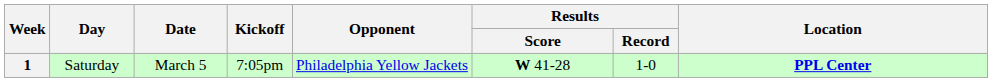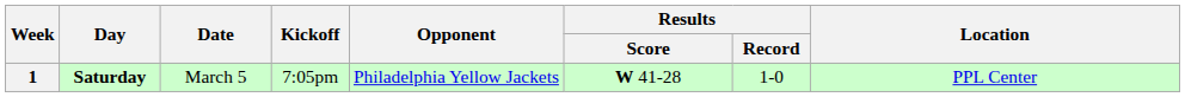 <table class="wikitable">
 <tr>
 <th rowspan="2" width="40">Week</th>
 <th rowspan="2" width="80">Day</th>
 <th rowspan="2" width="90">Date</th>
 <th rowspan="2" width="60">Kickoff</th>
 <th rowspan="2" width="180">Opponent</th>
 <th colspan="2" width="200">Results</th>
 <th rowspan="2" width="315">Location</th>
 </tr>
 <tr>
 <th width="140">Score</th>
 <th width="60">Record</th>
 </tr>
 <tr align="center" bgcolor="#CCFFCC">
 <th>1</th>
-<td>Saturday</td>
+<td><strong>Saturday</strong></td>
 <td>March 5</td>
 <td>7:05pm</td>
 <td><a href='#'>Philadelphia Yellow Jackets</a></td>
 <td><strong>W</strong> 41-28</td>
 <td>1-0</td>
-<td><strong><a href='#'>PPL Center</a></strong></td>
+<td><a href='#'>PPL Center</a></td>
 </tr>
 </table>
